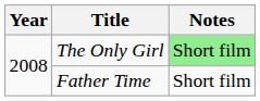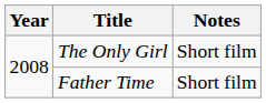 <table class="wikitable">
 <tr>
 <th>Year</th>
 <th>Title</th>
 <th>Notes</th>
 </tr>
 <tr>
 <td rowspan="2">2008</td>
 <td><em>The Only Girl</em></td>
-<td style="background: lightgreen;">Short film</td>
+<td>Short film</td>
 </tr>
 <tr>
 <td><em>Father Time</em></td>
 <td>Short film</td>
 </tr>
 </table>
